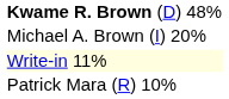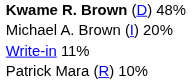 <table>
 <tr>
 <td><strong>Kwame R. Brown</strong> (<a href='#'>D</a>) 48%</td>
 </tr>
 <tr>
 <td>Michael A. Brown (<a href='#'>I</a>) 20%</td>
 </tr>
 <tr>
-<td style="background: lightyellow;"><a href='#'>Write-in</a> 11%</td>
+<td><a href='#'>Write-in</a> 11%</td>
 </tr>
 <tr>
 <td>Patrick Mara (<a href='#'>R</a>) 10%</td>
 </tr>
 <tr>
 </tr>
 </table>
